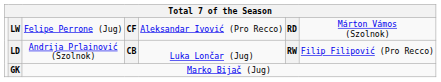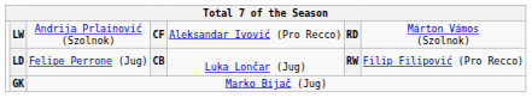 <table class="wikitable" style="text-align:center">
 <tr>
 <th colspan="7">Total 7 of the Season</th>
 </tr>
 <tr>
 <td rowspan="3"></td>
 <th>LW</th>
-<td> <a href='#'>Felipe Perrone</a> (Jug)</td>
+<td> <a href='#'>Andrija Prlainović</a><br>(Szolnok)</td>
 <th>CF</th>
 <td> <a href='#'>Aleksandar Ivović</a> (Pro Recco)</td>
 <th>RD</th>
 <td> <a href='#'>Márton Vámos</a><br>(Szolnok)</td>
 </tr>
 <tr>
 <th>LD</th>
-<td> <a href='#'>Andrija Prlainović</a><br>(Szolnok)</td>
+<td> <a href='#'>Felipe Perrone</a> (Jug)</td>
 <th>CB</th>
 <td><br><a href='#'>Luka Lončar</a> (Jug)</td>
 <th>RW</th>
 <td> <a href='#'>Filip Filipović</a> (Pro Recco)</td>
 </tr>
 <tr>
 <th>GK</th>
 <td colspan="5"> <a href='#'>Marko Bijač</a> (Jug)</td>
 </tr>
 </table>
